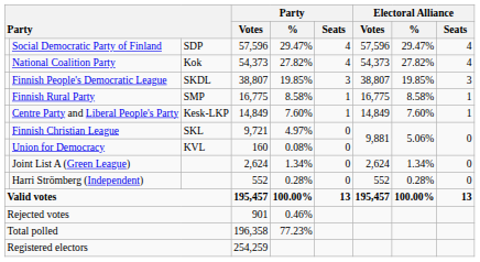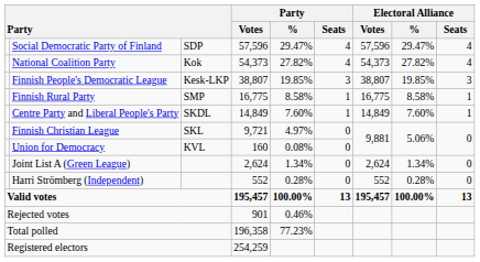 <table class="wikitable" border="1" style="text-align:right;">
 <tr>
 <th style="text-align:left;" valign=bottom rowspan=2 colspan=3>Party</th>
 <th colspan=3>Party</th>
 <th colspan=3>Electoral Alliance</th>
 </tr>
 <tr>
 <th align=center valign=bottom width="50">Votes</th>
 <th align=center valign=bottom width="50">%</th>
 <th align=center valign=bottom width="50">Seats</th>
 <th align=center valign=bottom width="50">Votes</th>
 <th align=center valign=bottom width="50">%</th>
 <th align=center valign=bottom width="50">Seats</th>
 </tr>
 <tr>
 <td></td>
 <td align=left style="white-space: nowrap;"><a href='#'>Social Democratic Party of Finland</a></td>
 <td align=left>SDP</td>
 <td>57,596</td>
 <td>29.47%</td>
 <td>4</td>
 <td>57,596</td>
 <td>29.47%</td>
 <td>4</td>
 </tr>
 <tr>
 <td></td>
 <td align=left><a href='#'>National Coalition Party</a></td>
 <td align=left>Kok</td>
 <td>54,373</td>
 <td>27.82%</td>
 <td>4</td>
 <td>54,373</td>
 <td>27.82%</td>
 <td>4</td>
 </tr>
 <tr>
 <td></td>
 <td align=left><a href='#'>Finnish People's Democratic League</a></td>
-<td align=left>SKDL</td>
+<td align=left>Kesk-LKP</td>
 <td>38,807</td>
 <td>19.85%</td>
 <td>3</td>
 <td>38,807</td>
 <td>19.85%</td>
 <td>3</td>
 </tr>
 <tr>
 <td></td>
 <td align=left><a href='#'>Finnish Rural Party</a></td>
 <td align=left>SMP</td>
 <td>16,775</td>
 <td>8.58%</td>
 <td>1</td>
 <td>16,775</td>
 <td>8.58%</td>
 <td>1</td>
 </tr>
 <tr>
 <td></td>
 <td align=left><a href='#'>Centre Party</a> and <a href='#'>Liberal People's Party</a></td>
-<td align=left>Kesk-LKP</td>
+<td align=left>SKDL</td>
 <td>14,849</td>
 <td>7.60%</td>
 <td>1</td>
 <td>14,849</td>
 <td>7.60%</td>
 <td>1</td>
 </tr>
 <tr>
 <td></td>
 <td align=left><a href='#'>Finnish Christian League</a></td>
 <td align=left>SKL</td>
 <td>9,721</td>
 <td>4.97%</td>
 <td>0</td>
 <td rowspan=2>9,881</td>
 <td rowspan=2>5.06%</td>
 <td rowspan=2>0</td>
 </tr>
 <tr>
 <td></td>
 <td align=left><a href='#'>Union for Democracy</a></td>
 <td align=left>KVL</td>
 <td>160</td>
 <td>0.08%</td>
 <td>0</td>
 </tr>
 <tr>
 <td></td>
 <td align=left>Joint List A (<a href='#'>Green League</a>)</td>
 <td align=left></td>
 <td>2,624</td>
 <td>1.34%</td>
 <td>0</td>
 <td>2,624</td>
 <td>1.34%</td>
 <td>0</td>
 </tr>
 <tr>
 <td></td>
 <td align=left>Harri Strömberg (<a href='#'>Independent</a>)</td>
 <td align=left></td>
 <td>552</td>
 <td>0.28%</td>
 <td>0</td>
 <td>552</td>
 <td>0.28%</td>
 <td>0</td>
 </tr>
 <tr style="font-weight:bold">
 <td align=left colspan=3>Valid votes</td>
 <td>195,457</td>
 <td>100.00%</td>
 <td>13</td>
 <td>195,457</td>
 <td>100.00%</td>
 <td>13</td>
 </tr>
 <tr>
 <td align=left colspan=3>Rejected votes</td>
 <td>901</td>
 <td>0.46%</td>
 <td></td>
 <td></td>
 <td></td>
 <td></td>
 </tr>
 <tr>
 <td align=left colspan=3>Total polled</td>
 <td>196,358</td>
 <td>77.23%</td>
 <td></td>
 <td></td>
 <td></td>
 <td></td>
 </tr>
 <tr>
 <td align=left colspan=3>Registered electors</td>
 <td>254,259</td>
 <td></td>
 <td></td>
 <td></td>
 <td></td>
 <td></td>
 </tr>
 </table>
